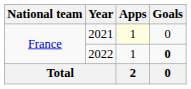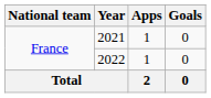 <table class="wikitable" style="text-align:center">
 <tr>
 <th>National team</th>
 <th>Year</th>
 <th>Apps</th>
 <th>Goals</th>
 </tr>
 <tr>
 <td rowspan=2><a href='#'>France</a></td>
 <td>2021</td>
-<td style="background: lightyellow;">1</td>
+<td>1</td>
 <td>0</td>
 </tr>
 <tr>
 <td>2022</td>
 <td>1</td>
-<td><strong>0</strong></td>
+<td>0</td>
 </tr>
 <tr>
 <th colspan=2>Total</th>
 <th>2</th>
 <th>0</th>
 </tr>
 </table>
